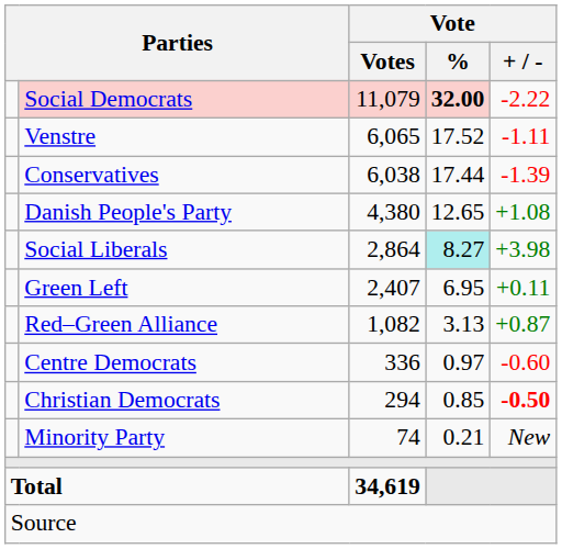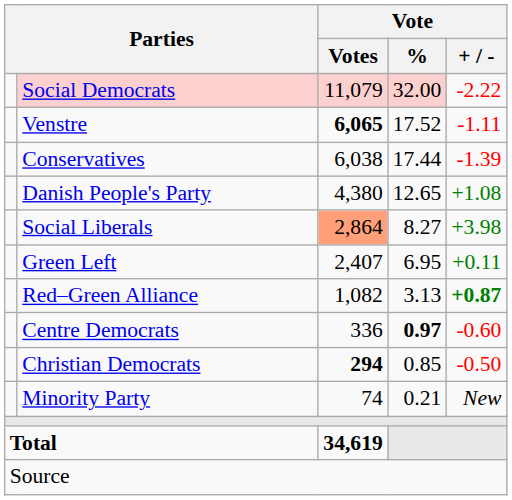 <table class="wikitable" style="text-align:right;">
 <tr>
 <th style="text-align:centre;" rowspan="2" colspan="2" width="225">Parties</th>
 <th colspan="3">Vote</th>
 </tr>
 <tr>
 <th width="15">Votes</th>
 <th width="15">%</th>
 <th width="15">+ / -</th>
 </tr>
 <tr>
 <td width="2" style="color:inherit;background:"></td>
 <td bgcolor=#fbd0ce  align="left"><a href='#'>Social Democrats</a></td>
 <td bgcolor=#fbd0ce>11,079</td>
-<td bgcolor=#fbd0ce><strong>32.00</strong></td>
+<td bgcolor=#fbd0ce>32.00</td>
 <td style=color:red;>-2.22</td>
 </tr>
 <tr>
 <td width="2" style="color:inherit;background:"></td>
 <td align="left"><a href='#'>Venstre</a></td>
-<td>6,065</td>
+<td><strong>6,065</strong></td>
 <td>17.52</td>
 <td style=color:red;>-1.11</td>
 </tr>
 <tr>
 <td width="2" style="color:inherit;background:"></td>
 <td align="left"><a href='#'>Conservatives</a></td>
 <td>6,038</td>
 <td>17.44</td>
 <td style=color:red;>-1.39</td>
 </tr>
 <tr>
 <td width="2" style="color:inherit;background:"></td>
 <td align="left"><a href='#'>Danish People's Party</a></td>
 <td>4,380</td>
 <td>12.65</td>
 <td style=color:green;>+1.08</td>
 </tr>
 <tr>
 <td width="2" style="color:inherit;background:"></td>
 <td align="left"><a href='#'>Social Liberals</a></td>
-<td>2,864</td>
-<td style="background: paleturquoise;">8.27</td>
+<td style="background: lightsalmon;">2,864</td>
+<td>8.27</td>
 <td style=color:green;>+3.98</td>
 </tr>
 <tr>
 <td width="2" style="color:inherit;background:"></td>
 <td align="left"><a href='#'>Green Left</a></td>
 <td>2,407</td>
 <td>6.95</td>
 <td style=color:green;>+0.11</td>
 </tr>
 <tr>
 <td width="2" style="color:inherit;background:"></td>
 <td align="left"><a href='#'>Red–Green Alliance</a></td>
 <td>1,082</td>
 <td>3.13</td>
-<td style=color:green;>+0.87</td>
+<td style=color:green;><strong>+0.87</strong></td>
 </tr>
 <tr>
 <td width="2" style="color:inherit;background:"></td>
 <td align="left"><a href='#'>Centre Democrats</a></td>
 <td>336</td>
-<td>0.97</td>
+<td><strong>0.97</strong></td>
 <td style=color:red;>-0.60</td>
 </tr>
 <tr>
 <td width="2" style="color:inherit;background:"></td>
 <td align="left"><a href='#'>Christian Democrats</a></td>
-<td>294</td>
+<td><strong>294</strong></td>
 <td>0.85</td>
-<td style=color:red;><strong>-0.50</strong></td>
+<td style=color:red;>-0.50</td>
 </tr>
 <tr>
 <td width="2" style="color:inherit;background:"></td>
 <td align="left"><a href='#'>Minority Party</a></td>
 <td>74</td>
 <td>0.21</td>
 <td><em>New</em></td>
 </tr>
 <tr>
 <td colspan="7" bgcolor="#E9E9E9"></td>
 </tr>
 <tr>
 <td align="left" colspan="2"><strong>Total</strong></td>
 <td><strong>34,619</strong></td>
 <td bgcolor="#E9E9E9" colspan="2"></td>
 </tr>
 <tr>
 <td align="left" colspan="6">Source</td>
 </tr>
 </table>
